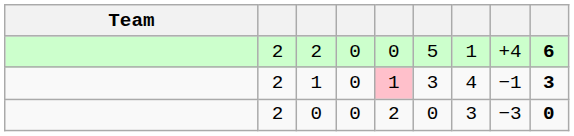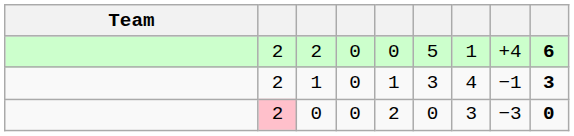 <table class="wikitable" style="text-align: center;">
 <tr>
 <th width="165">Team</th>
 <th width="20"></th>
 <th width="20"></th>
 <th width="20"></th>
 <th width="20"></th>
 <th width="20"></th>
 <th width="20"></th>
 <th width="20"></th>
 <th width="20"></th>
 </tr>
 <tr bgcolor="#ccffcc">
 <td align=left></td>
 <td>2</td>
 <td>2</td>
 <td>0</td>
 <td>0</td>
 <td>5</td>
 <td>1</td>
 <td>+4</td>
 <td><strong>6</strong></td>
 </tr>
 <tr>
 <td align=left></td>
 <td>2</td>
 <td>1</td>
 <td>0</td>
-<td style="background: pink;">1</td>
+<td>1</td>
 <td>3</td>
 <td>4</td>
 <td>−1</td>
 <td><strong>3</strong></td>
 </tr>
 <tr>
 <td align=left></td>
-<td>2</td>
+<td style="background: pink;">2</td>
 <td>0</td>
 <td>0</td>
 <td>2</td>
 <td>0</td>
 <td>3</td>
 <td>−3</td>
 <td><strong>0</strong></td>
 </tr>
 </table>
